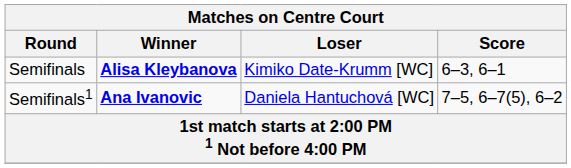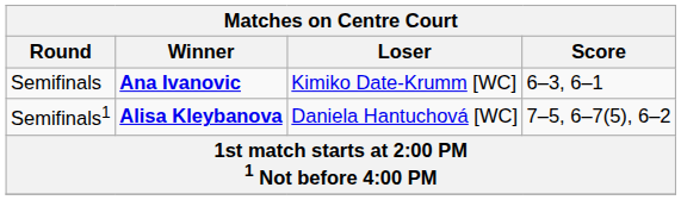 <table class="wikitable collapsible uncollapsed" style="margin:0.2em auto;">
 <tr>
 <th colspan=4>Matches on Centre Court</th>
 </tr>
 <tr>
 <th>Round</th>
 <th>Winner</th>
 <th>Loser</th>
 <th>Score</th>
 </tr>
 <tr align=left>
 <td>Semifinals</td>
-<td> <strong><a href='#'>Alisa Kleybanova</a></strong></td>
+<td> <strong><a href='#'>Ana Ivanovic</a></strong></td>
 <td> <a href='#'>Kimiko Date-Krumm</a> [WC]</td>
 <td>6–3, 6–1</td>
 </tr>
 <tr align=left>
 <td>Semifinals<sup>1</sup></td>
-<td> <strong><a href='#'>Ana Ivanovic</a></strong></td>
+<td> <strong><a href='#'>Alisa Kleybanova</a></strong></td>
 <td> <a href='#'>Daniela Hantuchová</a> [WC]</td>
 <td>7–5, 6–7(5), 6–2</td>
 </tr>
 <tr align=center>
 <th colspan=4>1st match starts at 2:00 PM <br> <sup>1</sup> Not before 4:00 PM</th>
 </tr>
 <tr>
 </tr>
 </table>
